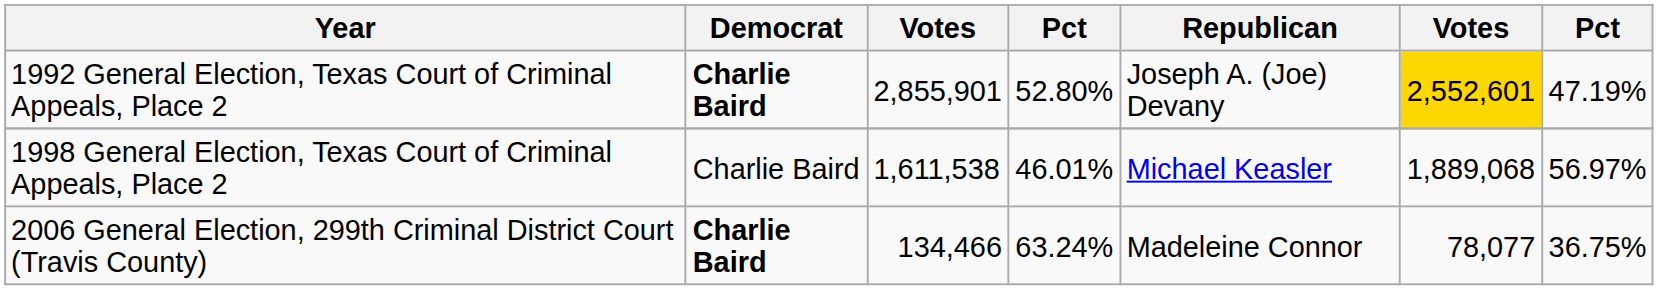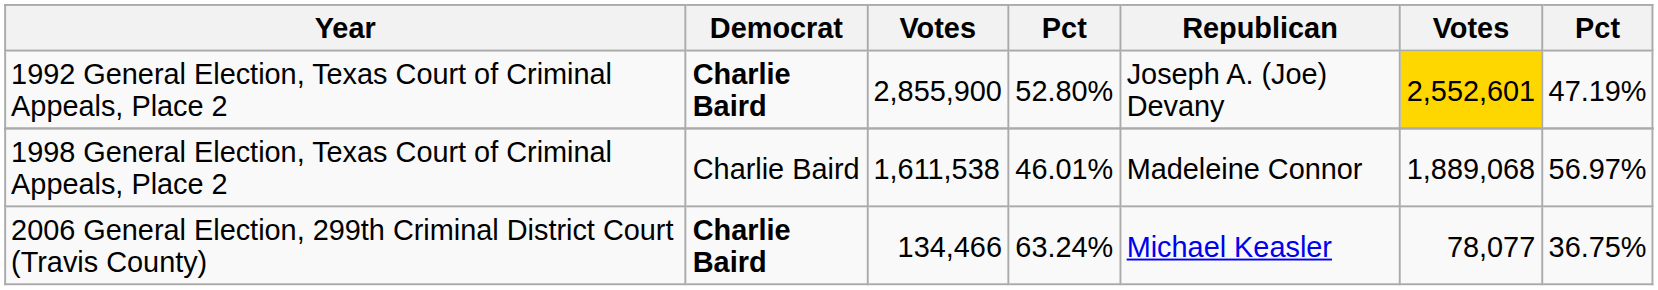 <table class="wikitable" style="margin:0.5em ; font-size:95%">
 <tr>
 <th>Year</th>
 <th>Democrat</th>
 <th>Votes</th>
 <th>Pct</th>
 <th>Republican</th>
 <th>Votes</th>
 <th>Pct</th>
 </tr>
 <tr>
 <td>1992 General Election, Texas Court of Criminal Appeals, Place 2</td>
 <td><strong>Charlie Baird</strong></td>
-<td>2,855,901</td>
+<td>2,855,900</td>
 <td>52.80%</td>
 <td>Joseph A. (Joe) Devany</td>
 <td style="background: gold;">2,552,601</td>
 <td>47.19%</td>
 </tr>
 <tr>
 </tr>
 <tr>
 <td>1998 General Election, Texas Court of Criminal Appeals, Place 2</td>
 <td>Charlie Baird</td>
 <td>1,611,538</td>
 <td>46.01%</td>
-<td><a href='#'>Michael Keasler</a></td>
+<td>Madeleine Connor</td>
 <td>1,889,068</td>
 <td>56.97%</td>
 </tr>
 <tr>
 <td>2006 General Election, 299th Criminal District Court (Travis County)</td>
 <td><strong>Charlie Baird</strong></td>
 <td align="right">134,466</td>
 <td>63.24%</td>
-<td>Madeleine Connor</td>
+<td><a href='#'>Michael Keasler</a></td>
 <td align="right">78,077</td>
 <td>36.75%</td>
 </tr>
 </table>
